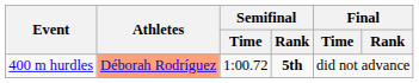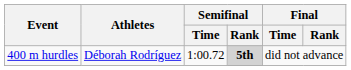 <table class="wikitable" border="1" style="font-size:90%">
 <tr>
 <th rowspan=2>Event</th>
 <th rowspan=2>Athletes</th>
 <th colspan=2>Semifinal</th>
 <th colspan=2>Final</th>
 </tr>
 <tr>
 <th>Time</th>
 <th>Rank</th>
 <th>Time</th>
 <th>Rank</th>
 </tr>
 <tr>
 <td><a href='#'>400 m hurdles</a></td>
-<td style="background: lightsalmon;"><a href='#'>Déborah Rodríguez</a></td>
+<td><a href='#'>Déborah Rodríguez</a></td>
 <td align=center>1:00.72</td>
-<td align=center><strong>5th</strong></td>
+<td align=center style="background: lightgrey;"><strong>5th</strong></td>
 <td align=center colspan=2>did not advance</td>
 </tr>
 </table>
